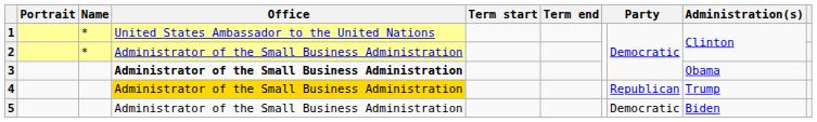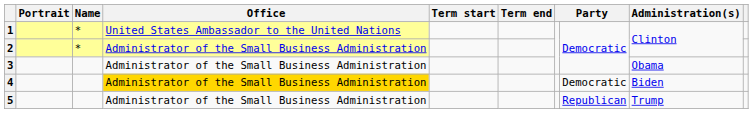 <table class="wikitable sortable">
 <tr>
 <th scope="col"></th>
 <th scope="col">Portrait</th>
 <th scope="col">Name</th>
 <th scope="col">Office</th>
 <th scope="col">Term start</th>
 <th scope="col">Term end</th>
 <th scope="col" colspan=2>Party</th>
 <th scope="col">Administration(s)</th>
 <th scope="col" class="unsortable"></th>
 </tr>
 <tr>
 <th scope="row">1</th>
 <td bgcolor="#FFFF99" data-sort-value="Richardson, Bill"></td>
 <td bgcolor="#FFFF99">*</td>
 <td bgcolor="#FFFF99"><a href='#'>United States Ambassador to the United Nations</a></td>
 <td></td>
 <td></td>
 <td rowspan=3 style="background-color:"></td>
 <td rowspan=3><a href='#'>Democratic</a></td>
 <td rowspan=2><a href='#'>Clinton</a></td>
 <td align="center"></td>
 </tr>
 <tr>
 <th scope="row">2</th>
 <td bgcolor="#FFFF99" data-sort-value="Álvarez, Aida"></td>
 <td bgcolor="#FFFF99">*</td>
 <td bgcolor="#FFFF99"><a href='#'>Administrator of the Small Business Administration</a></td>
 <td></td>
 <td></td>
 <td align="center"></td>
 </tr>
 <tr>
 <th scope="row">3</th>
 <td data-sort-value="Contreras-Sweet, Maria"></td>
 <td></td>
-<td><strong>Administrator of the Small Business Administration</strong></td>
+<td>Administrator of the Small Business Administration</td>
 <td></td>
 <td></td>
 <td><a href='#'>Obama</a></td>
 <td align="center"></td>
 </tr>
 <tr>
 <th scope="row">4</th>
 <td data-sort-value="Carranza, Jovita"></td>
 <td></td>
 <td style="background: gold;">Administrator of the Small Business Administration</td>
 <td></td>
 <td></td>
 <td style="background-color:"></td>
-<td><a href='#'>Republican</a></td>
-<td><a href='#'>Trump</a></td>
+<td>Democratic</td>
+<td><a href='#'>Biden</a></td>
 <td align="center"></td>
 </tr>
 <tr>
 <th scope="row">5</th>
 <td data-sort-value="Guzman, Isabel"></td>
 <td></td>
 <td>Administrator of the Small Business Administration</td>
 <td></td>
 <td></td>
 <td style="background-color:"></td>
-<td>Democratic</td>
-<td><a href='#'>Biden</a></td>
+<td><a href='#'>Republican</a></td>
+<td><a href='#'>Trump</a></td>
 <td align="center"></td>
 </tr>
 </table>
